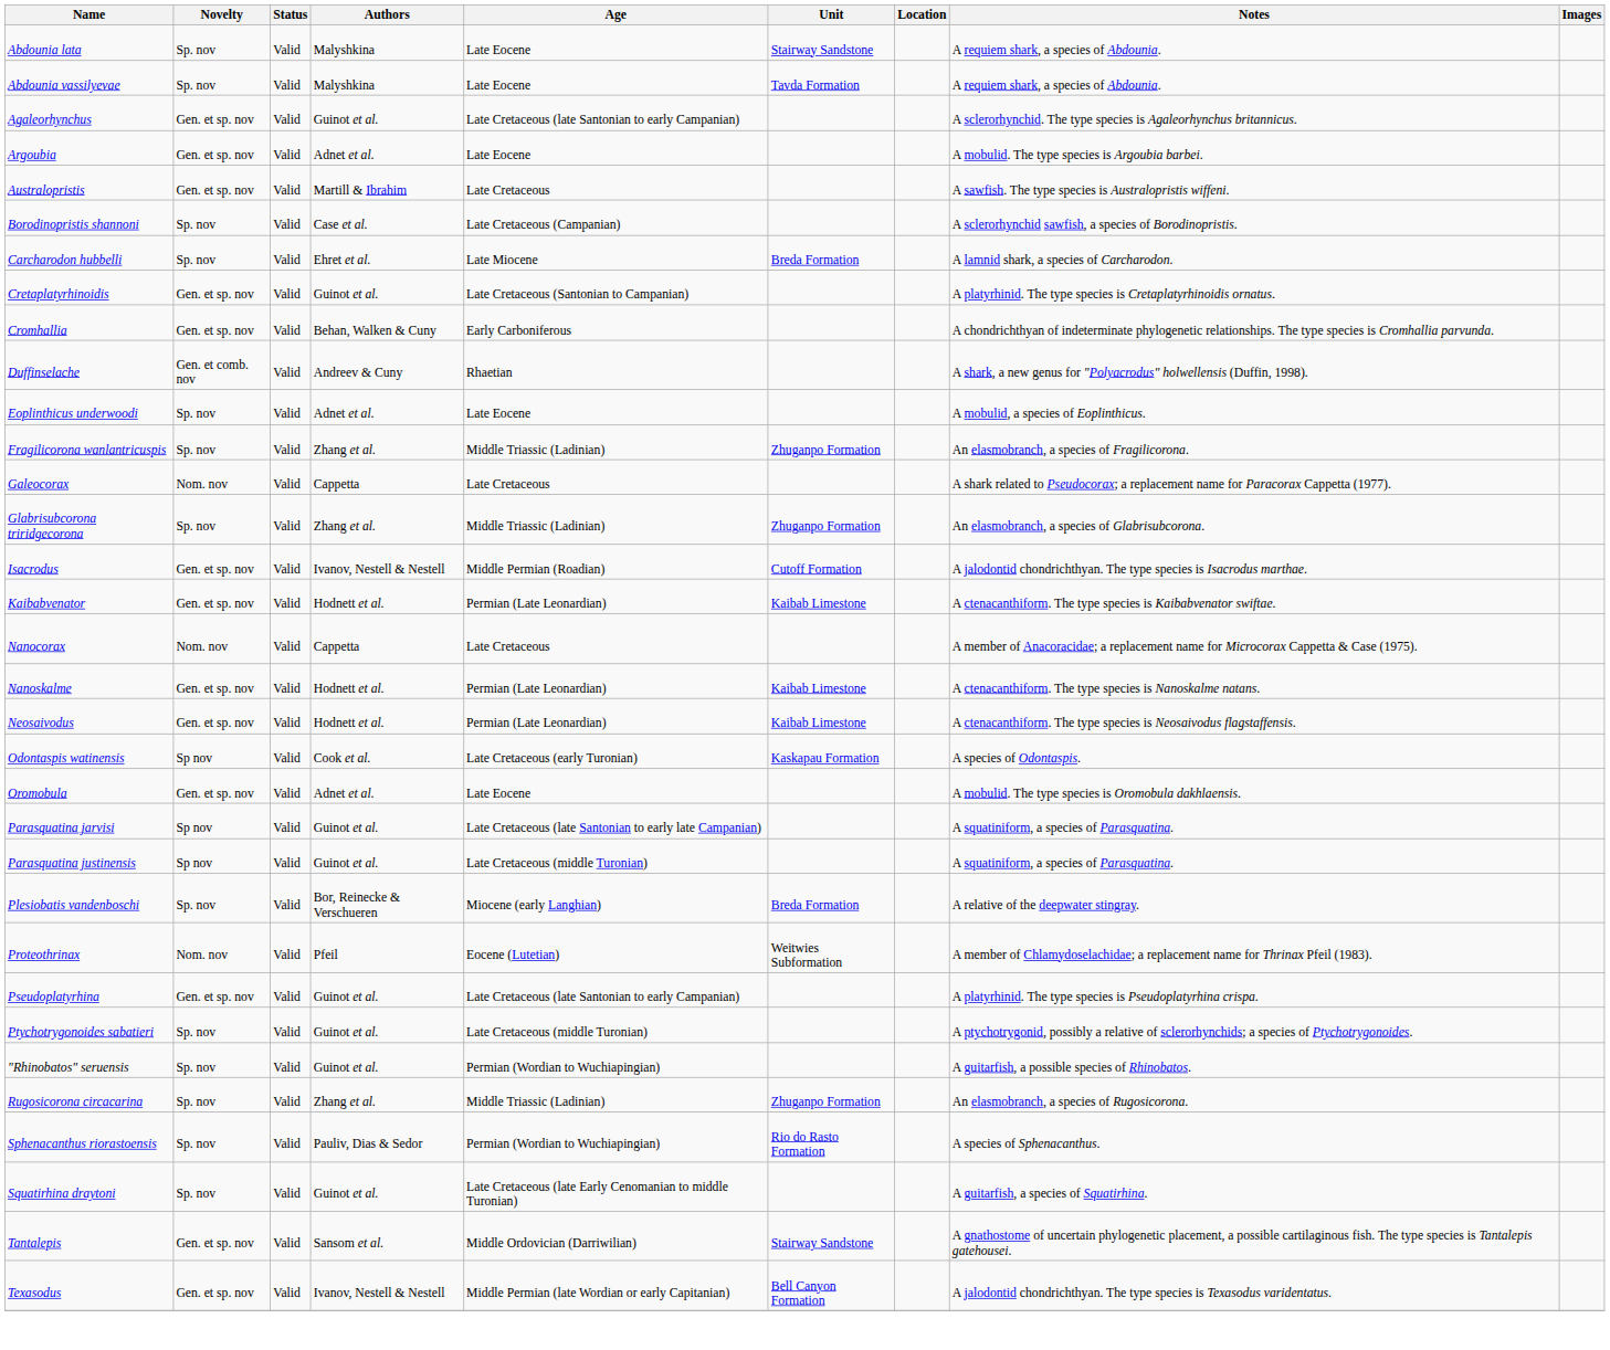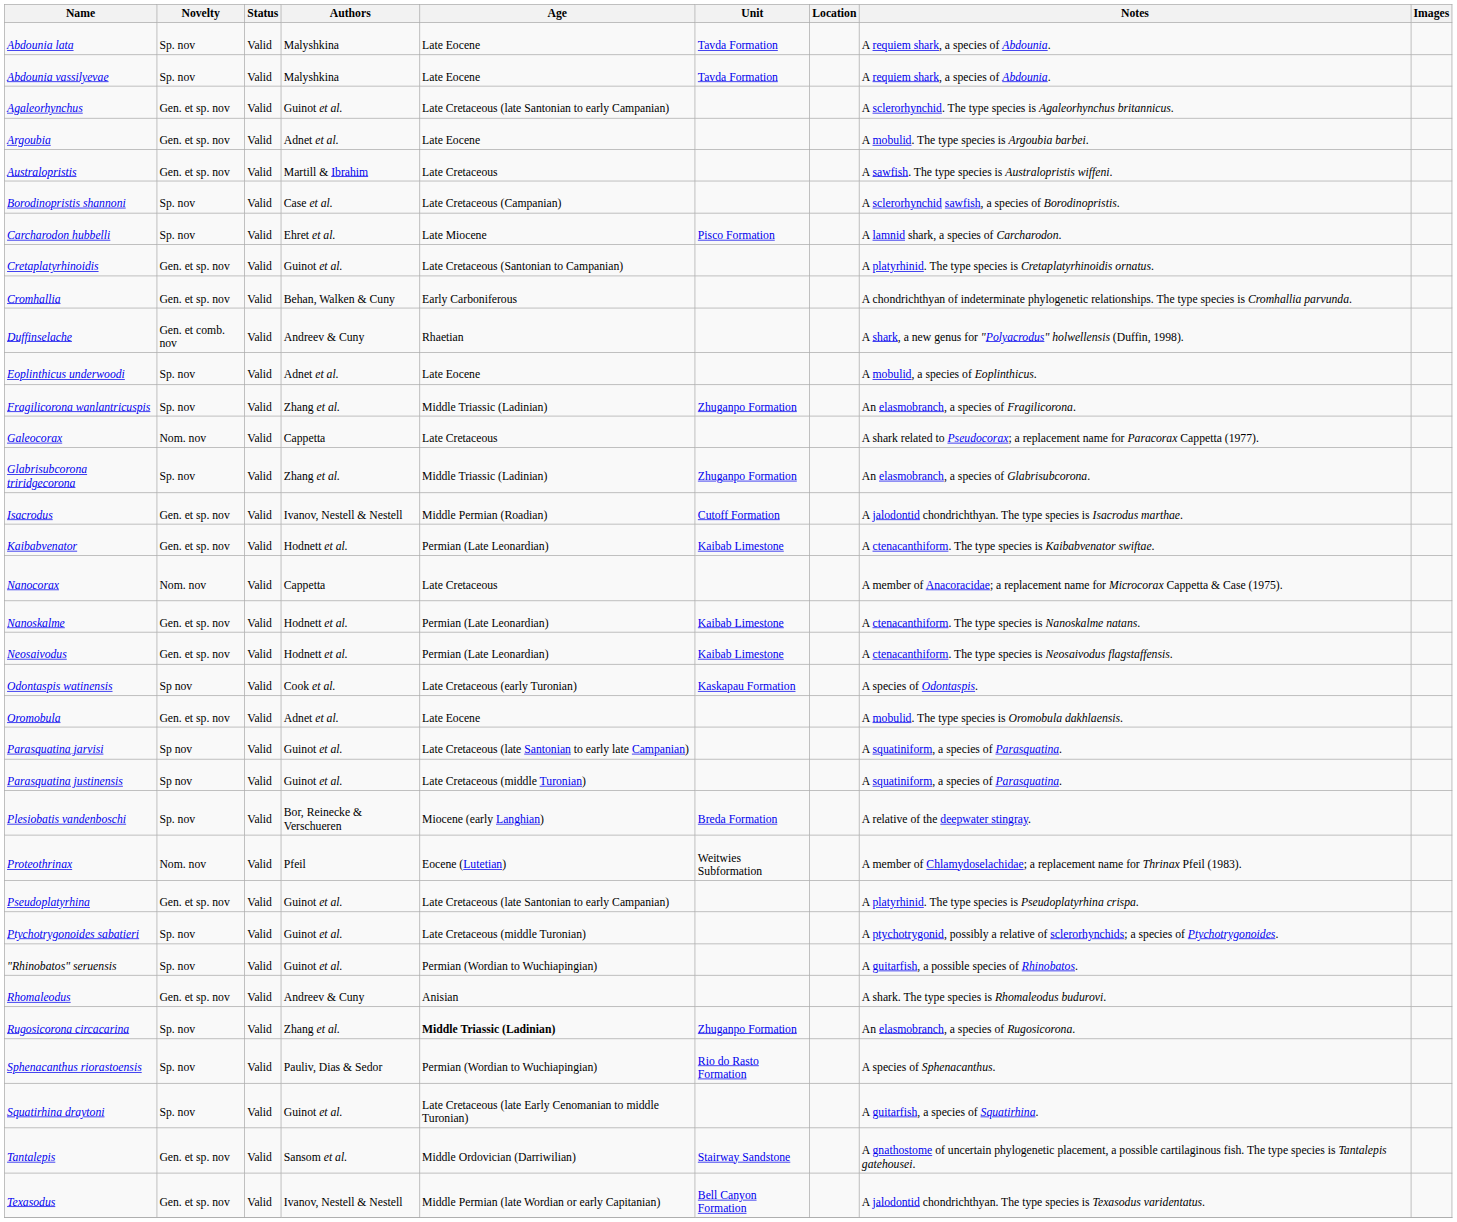 <table class="wikitable sortable" align="center" width="100%">
 <tr>
 <th>Name</th>
 <th>Novelty</th>
 <th>Status</th>
 <th>Authors</th>
 <th>Age</th>
 <th>Unit</th>
 <th>Location</th>
 <th>Notes</th>
 <th>Images</th>
 </tr>
 <tr>
 <td><br><em><a href='#'>Abdounia lata</a></em></td>
 <td><br>Sp. nov</td>
 <td><br>Valid</td>
 <td><br>Malyshkina</td>
 <td><br>Late Eocene</td>
-<td><br><a href='#'>Stairway Sandstone</a></td>
+<td><br><a href='#'>Tavda Formation</a></td>
 <td><br></td>
 <td><br>A <a href='#'>requiem shark</a>, a species of <em><a href='#'>Abdounia</a></em>.</td>
 <td></td>
 </tr>
 <tr>
 <td><br><em><a href='#'>Abdounia vassilyevae</a></em></td>
 <td><br>Sp. nov</td>
 <td><br>Valid</td>
 <td><br>Malyshkina</td>
 <td><br>Late Eocene</td>
 <td><br><a href='#'>Tavda Formation</a></td>
 <td><br></td>
 <td><br>A <a href='#'>requiem shark</a>, a species of <em><a href='#'>Abdounia</a></em>.</td>
 <td></td>
 </tr>
 <tr>
 <td><br><em><a href='#'>Agaleorhynchus</a></em></td>
 <td><br>Gen. et sp. nov</td>
 <td><br>Valid</td>
 <td><br>Guinot <em>et al.</em></td>
 <td><br>Late Cretaceous (late Santonian to early Campanian)</td>
 <td></td>
 <td><br></td>
 <td><br>A <a href='#'>sclerorhynchid</a>. The type species is <em>Agaleorhynchus britannicus</em>.</td>
 <td></td>
 </tr>
 <tr>
 <td><br><em><a href='#'>Argoubia</a></em></td>
 <td><br>Gen. et sp. nov</td>
 <td><br>Valid</td>
 <td><br>Adnet <em>et al.</em></td>
 <td><br>Late Eocene</td>
 <td></td>
 <td><br></td>
 <td><br>A <a href='#'>mobulid</a>. The type species is <em>Argoubia barbei</em>.</td>
 <td></td>
 </tr>
 <tr>
 <td><br><em><a href='#'>Australopristis</a></em></td>
 <td><br>Gen. et sp. nov</td>
 <td><br>Valid</td>
 <td><br>Martill & <a href='#'>Ibrahim</a></td>
 <td><br>Late Cretaceous</td>
 <td></td>
 <td><br></td>
 <td><br>A <a href='#'>sawfish</a>. The type species is <em>Australopristis wiffeni</em>.</td>
 <td></td>
 </tr>
 <tr>
 <td><br><em><a href='#'>Borodinopristis shannoni</a></em></td>
 <td><br>Sp. nov</td>
 <td><br>Valid</td>
 <td><br>Case <em>et al.</em></td>
 <td><br>Late Cretaceous (Campanian)</td>
 <td></td>
 <td><br></td>
 <td><br>A <a href='#'>sclerorhynchid</a> <a href='#'>sawfish</a>, a species of <em>Borodinopristis</em>.</td>
 <td></td>
 </tr>
 <tr>
 <td><br><em><a href='#'>Carcharodon hubbelli</a></em></td>
 <td><br>Sp. nov</td>
 <td><br>Valid</td>
 <td><br>Ehret <em>et al.</em></td>
 <td><br>Late Miocene</td>
-<td><br><a href='#'>Breda Formation</a></td>
+<td><br><a href='#'>Pisco Formation</a></td>
 <td><br></td>
 <td><br>A <a href='#'>lamnid</a> shark, a species of <em>Carcharodon</em>.</td>
 <td></td>
 </tr>
 <tr>
 <td><br><em><a href='#'>Cretaplatyrhinoidis</a></em></td>
 <td><br>Gen. et sp. nov</td>
 <td><br>Valid</td>
 <td><br>Guinot <em>et al.</em></td>
 <td><br>Late Cretaceous (Santonian to Campanian)</td>
 <td></td>
 <td><br><br> </td>
 <td><br>A <a href='#'>platyrhinid</a>. The type species is <em>Cretaplatyrhinoidis ornatus</em>.</td>
 <td></td>
 </tr>
 <tr>
 <td><br><em><a href='#'>Cromhallia</a></em></td>
 <td><br>Gen. et sp. nov</td>
 <td><br>Valid</td>
 <td><br>Behan, Walken & Cuny</td>
 <td><br>Early Carboniferous</td>
 <td></td>
 <td><br></td>
 <td><br>A chondrichthyan of indeterminate phylogenetic relationships. The type species is <em>Cromhallia parvunda</em>.</td>
 <td></td>
 </tr>
 <tr>
 <td><br><em><a href='#'>Duffinselache</a></em></td>
 <td><br>Gen. et comb. nov</td>
 <td><br>Valid</td>
 <td><br>Andreev & Cuny</td>
 <td><br>Rhaetian</td>
 <td></td>
 <td><br></td>
 <td><br>A <a href='#'>shark</a>, a new genus for <em>"<a href='#'>Polyacrodus</a>" holwellensis</em> (Duffin, 1998).</td>
 <td></td>
 </tr>
 <tr>
 <td><br><em><a href='#'>Eoplinthicus underwoodi</a></em></td>
 <td><br>Sp. nov</td>
 <td><br>Valid</td>
 <td><br>Adnet <em>et al.</em></td>
 <td><br>Late Eocene</td>
 <td></td>
 <td><br></td>
 <td><br>A <a href='#'>mobulid</a>, a species of <em>Eoplinthicus</em>.</td>
 <td></td>
 </tr>
 <tr>
 <td><br><em><a href='#'>Fragilicorona wanlantricuspis</a></em></td>
 <td><br>Sp. nov</td>
 <td><br>Valid</td>
 <td><br>Zhang <em>et al.</em></td>
 <td><br>Middle Triassic (Ladinian)</td>
 <td><br><a href='#'>Zhuganpo Formation</a></td>
 <td><br></td>
 <td><br>An <a href='#'>elasmobranch</a>, a species of <em>Fragilicorona</em>.</td>
 <td></td>
 </tr>
 <tr>
 <td><br><em><a href='#'>Galeocorax</a></em></td>
 <td><br>Nom. nov</td>
 <td><br>Valid</td>
 <td><br>Cappetta</td>
 <td><br>Late Cretaceous</td>
 <td></td>
 <td><br><br> </td>
 <td><br>A shark related to <em><a href='#'>Pseudocorax</a></em>; a replacement name for <em>Paracorax</em> Cappetta (1977).</td>
 <td></td>
 </tr>
 <tr>
 <td><br><em><a href='#'>Glabrisubcorona triridgecorona</a></em></td>
 <td><br>Sp. nov</td>
 <td><br>Valid</td>
 <td><br>Zhang <em>et al.</em></td>
 <td><br>Middle Triassic (Ladinian)</td>
 <td><br><a href='#'>Zhuganpo Formation</a></td>
 <td><br></td>
 <td><br>An <a href='#'>elasmobranch</a>, a species of <em>Glabrisubcorona</em>.</td>
 <td></td>
 </tr>
 <tr>
 <td><br><em><a href='#'>Isacrodus</a></em></td>
 <td><br>Gen. et sp. nov</td>
 <td><br>Valid</td>
 <td><br>Ivanov, Nestell & Nestell</td>
 <td><br>Middle Permian (Roadian)</td>
 <td><br><a href='#'>Cutoff Formation</a></td>
 <td><br></td>
 <td><br>A <a href='#'>jalodontid</a> chondrichthyan. The type species is <em>Isacrodus marthae</em>.</td>
 <td></td>
 </tr>
 <tr>
 <td><br><em><a href='#'>Kaibabvenator</a></em></td>
 <td><br>Gen. et sp. nov</td>
 <td><br>Valid</td>
 <td><br>Hodnett <em>et al.</em></td>
 <td><br>Permian (Late Leonardian)</td>
 <td><br><a href='#'>Kaibab Limestone</a></td>
 <td><br></td>
 <td><br>A <a href='#'>ctenacanthiform</a>. The type species is <em>Kaibabvenator swiftae</em>.</td>
 <td></td>
 </tr>
 <tr>
 <td><br><em><a href='#'>Nanocorax</a></em></td>
 <td><br>Nom. nov</td>
 <td><br>Valid</td>
 <td><br>Cappetta</td>
 <td><br>Late Cretaceous</td>
 <td></td>
 <td><br><br> <br> </td>
 <td><br>A member of <a href='#'>Anacoracidae</a>; a replacement name for <em>Microcorax</em> Cappetta & Case (1975).</td>
 <td></td>
 </tr>
 <tr>
 <td><br><em><a href='#'>Nanoskalme</a></em></td>
 <td><br>Gen. et sp. nov</td>
 <td><br>Valid</td>
 <td><br>Hodnett <em>et al.</em></td>
 <td><br>Permian (Late Leonardian)</td>
 <td><br><a href='#'>Kaibab Limestone</a></td>
 <td><br></td>
 <td><br>A <a href='#'>ctenacanthiform</a>. The type species is <em>Nanoskalme natans</em>.</td>
 <td></td>
 </tr>
 <tr>
 <td><br><em><a href='#'>Neosaivodus</a></em></td>
 <td><br>Gen. et sp. nov</td>
 <td><br>Valid</td>
 <td><br>Hodnett <em>et al.</em></td>
 <td><br>Permian (Late Leonardian)</td>
 <td><br><a href='#'>Kaibab Limestone</a></td>
 <td><br></td>
 <td><br>A <a href='#'>ctenacanthiform</a>. The type species is <em>Neosaivodus flagstaffensis</em>.</td>
 <td></td>
 </tr>
 <tr>
 <td><br><em><a href='#'>Odontaspis watinensis</a></em></td>
 <td><br>Sp nov</td>
 <td><br>Valid</td>
 <td><br>Cook <em>et al.</em></td>
 <td><br>Late Cretaceous (early Turonian)</td>
 <td><br><a href='#'>Kaskapau Formation</a></td>
 <td><br></td>
 <td><br>A species of <em><a href='#'>Odontaspis</a></em>.</td>
 <td></td>
 </tr>
 <tr>
 <td><br><em><a href='#'>Oromobula</a></em></td>
 <td><br>Gen. et sp. nov</td>
 <td><br>Valid</td>
 <td><br>Adnet <em>et al.</em></td>
 <td><br>Late Eocene</td>
 <td></td>
 <td><br></td>
 <td><br>A <a href='#'>mobulid</a>. The type species is <em>Oromobula dakhlaensis</em>.</td>
 <td></td>
 </tr>
 <tr>
 <td><br><em><a href='#'>Parasquatina jarvisi</a></em></td>
 <td><br>Sp nov</td>
 <td><br>Valid</td>
 <td><br>Guinot <em>et al.</em></td>
 <td><br>Late Cretaceous (late <a href='#'>Santonian</a> to early late <a href='#'>Campanian</a>)</td>
 <td></td>
 <td><br><br> </td>
 <td><br>A <a href='#'>squatiniform</a>, a species of <em><a href='#'>Parasquatina</a></em>.</td>
 <td></td>
 </tr>
 <tr>
 <td><br><em><a href='#'>Parasquatina justinensis</a></em></td>
 <td><br>Sp nov</td>
 <td><br>Valid</td>
 <td><br>Guinot <em>et al.</em></td>
 <td><br>Late Cretaceous (middle <a href='#'>Turonian</a>)</td>
 <td></td>
 <td><br></td>
 <td><br>A <a href='#'>squatiniform</a>, a species of <em><a href='#'>Parasquatina</a></em>.</td>
 <td></td>
 </tr>
 <tr>
 <td><br><em><a href='#'>Plesiobatis vandenboschi</a></em></td>
 <td><br>Sp. nov</td>
 <td><br>Valid</td>
 <td><br>Bor, Reinecke & Verschueren</td>
 <td><br>Miocene (early <a href='#'>Langhian</a>)</td>
 <td><br><a href='#'>Breda Formation</a></td>
 <td><br></td>
 <td><br>A relative of the <a href='#'>deepwater stingray</a>.</td>
 <td></td>
 </tr>
 <tr>
 <td><br><em><a href='#'>Proteothrinax</a></em></td>
 <td><br>Nom. nov</td>
 <td><br>Valid</td>
 <td><br>Pfeil</td>
 <td><br>Eocene (<a href='#'>Lutetian</a>)</td>
 <td><br>Weitwies Subformation</td>
 <td><br></td>
 <td><br>A member of <a href='#'>Chlamydoselachidae</a>; a replacement name for <em>Thrinax</em> Pfeil (1983).</td>
 <td></td>
 </tr>
 <tr>
 <td><br><em><a href='#'>Pseudoplatyrhina</a></em></td>
 <td><br>Gen. et sp. nov</td>
 <td><br>Valid</td>
 <td><br>Guinot <em>et al.</em></td>
 <td><br>Late Cretaceous (late Santonian to early Campanian)</td>
 <td></td>
 <td><br><br> </td>
 <td><br>A <a href='#'>platyrhinid</a>. The type species is <em>Pseudoplatyrhina crispa</em>.</td>
 <td></td>
 </tr>
 <tr>
 <td><br><em><a href='#'>Ptychotrygonoides sabatieri</a></em></td>
 <td><br>Sp. nov</td>
 <td><br>Valid</td>
 <td><br>Guinot <em>et al.</em></td>
 <td><br>Late Cretaceous (middle Turonian)</td>
 <td></td>
 <td><br></td>
 <td><br>A <a href='#'>ptychotrygonid</a>, possibly a relative of <a href='#'>sclerorhynchids</a>; a species of <em><a href='#'>Ptychotrygonoides</a></em>.</td>
 <td></td>
 </tr>
 <tr>
 <td><br><em>"Rhinobatos" seruensis</em></td>
 <td><br>Sp. nov</td>
 <td><br>Valid</td>
 <td><br>Guinot <em>et al.</em></td>
 <td><br>Permian (Wordian to Wuchiapingian)</td>
 <td></td>
 <td><br></td>
 <td><br>A <a href='#'>guitarfish</a>, a possible species of <em><a href='#'>Rhinobatos</a></em>.</td>
 <td></td>
 </tr>
 <tr>
+<td><br><em><a href='#'>Rhomaleodus</a></em></td>
+<td><br>Gen. et sp. nov</td>
+<td><br>Valid</td>
+<td><br>Andreev & Cuny</td>
+<td><br>Anisian</td>
+<td></td>
+<td><br></td>
+<td><br>A shark. The type species is <em>Rhomaleodus budurovi</em>.</td>
+<td></td>
+</tr>
+<tr>
 <td><br><em><a href='#'>Rugosicorona circacarina</a></em></td>
 <td><br>Sp. nov</td>
 <td><br>Valid</td>
 <td><br>Zhang <em>et al.</em></td>
-<td><br>Middle Triassic (Ladinian)</td>
+<td><strong><br>Middle Triassic (Ladinian)</strong></td>
 <td><br><a href='#'>Zhuganpo Formation</a></td>
 <td><br></td>
 <td><br>An <a href='#'>elasmobranch</a>, a species of <em>Rugosicorona</em>.</td>
 <td></td>
 </tr>
 <tr>
 <td><br><em><a href='#'>Sphenacanthus riorastoensis</a></em></td>
 <td><br>Sp. nov</td>
 <td><br>Valid</td>
 <td><br>Pauliv, Dias & Sedor</td>
 <td><br>Permian (Wordian to Wuchiapingian)</td>
 <td><br><a href='#'>Rio do Rasto Formation</a></td>
 <td><br></td>
 <td><br>A species of <em>Sphenacanthus</em>.</td>
 <td></td>
 </tr>
 <tr>
 <td><br><em><a href='#'>Squatirhina draytoni</a></em></td>
 <td><br>Sp. nov</td>
 <td><br>Valid</td>
 <td><br>Guinot <em>et al.</em></td>
 <td><br>Late Cretaceous (late Early Cenomanian to middle Turonian)</td>
 <td></td>
 <td><br><br> </td>
 <td><br>A <a href='#'>guitarfish</a>, a species of <em><a href='#'>Squatirhina</a></em>.</td>
 <td></td>
 </tr>
 <tr>
 <td><br><em><a href='#'>Tantalepis</a></em></td>
 <td><br>Gen. et sp. nov</td>
 <td><br>Valid</td>
 <td><br>Sansom <em>et al.</em></td>
 <td><br>Middle Ordovician (Darriwilian)</td>
 <td><br><a href='#'>Stairway Sandstone</a></td>
 <td><br></td>
 <td><br>A <a href='#'>gnathostome</a> of uncertain phylogenetic placement, a possible cartilaginous fish. The type species is <em>Tantalepis gatehousei</em>.</td>
 </tr>
 <tr>
 <td><br><em><a href='#'>Texasodus</a></em></td>
 <td><br>Gen. et sp. nov</td>
 <td><br>Valid</td>
 <td><br>Ivanov, Nestell & Nestell</td>
 <td><br>Middle Permian (late Wordian or early Capitanian)</td>
 <td><br><a href='#'>Bell Canyon Formation</a></td>
 <td><br></td>
 <td><br>A <a href='#'>jalodontid</a> chondrichthyan. The type species is <em>Texasodus varidentatus</em>.</td>
 <td></td>
 </tr>
 <tr>
 </tr>
 </table>
